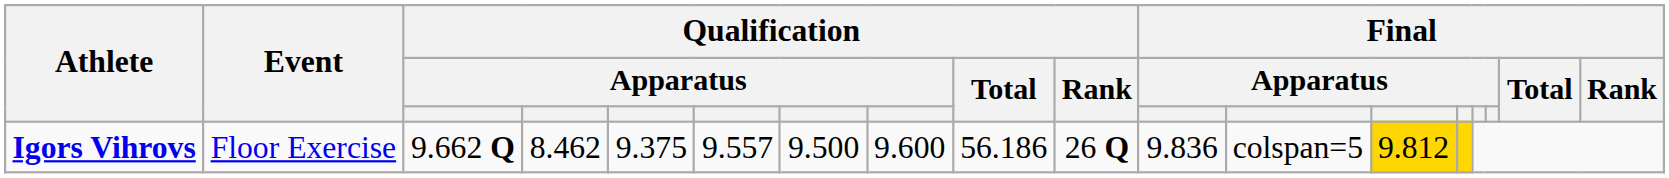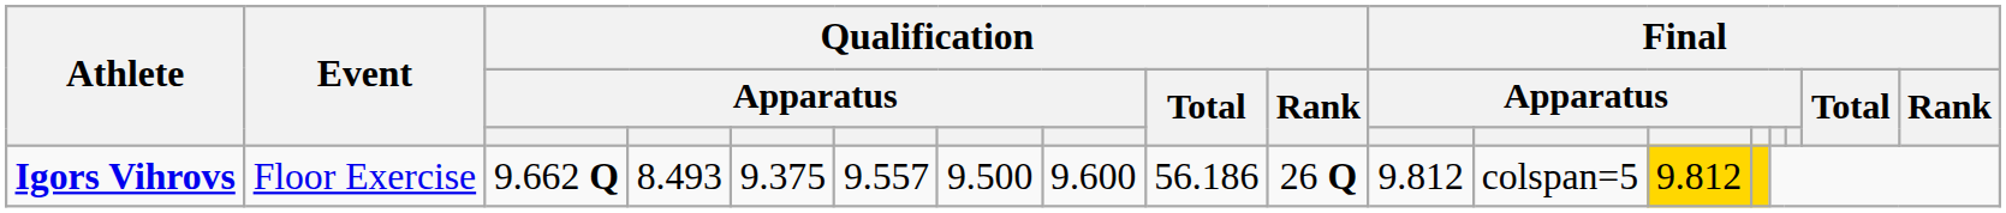 <table class="wikitable" style="font-size:90%">
 <tr>
 <th rowspan=3>Athlete</th>
 <th rowspan=3>Event</th>
 <th colspan =8>Qualification</th>
 <th colspan =8>Final</th>
 </tr>
 <tr style="font-size:95%">
 <th colspan=6>Apparatus</th>
 <th rowspan=2>Total</th>
 <th rowspan=2>Rank</th>
 <th colspan=6>Apparatus</th>
 <th rowspan=2>Total</th>
 <th rowspan=2>Rank</th>
 </tr>
 <tr style="font-size:95%">
 <th></th>
 <th></th>
 <th></th>
 <th></th>
 <th></th>
 <th></th>
 <th></th>
 <th></th>
 <th></th>
 <th></th>
 <th></th>
 <th></th>
 </tr>
 <tr align=center>
 <td align=left><strong><a href='#'>Igors Vihrovs</a></strong></td>
 <td align=left><a href='#'>Floor Exercise</a></td>
 <td>9.662	<strong>Q</strong></td>
-<td>8.462</td>
+<td>8.493</td>
 <td>9.375</td>
 <td>9.557</td>
 <td>9.500</td>
 <td>9.600</td>
 <td>56.186</td>
 <td>26 <strong>Q</strong></td>
-<td>9.836</td>
+<td>9.812</td>
 <td>colspan=5 </td>
 <td align="center" bgcolor='gold'>9.812</td>
 <td align="center" bgcolor='gold'></td>
 </tr>
 </table>
